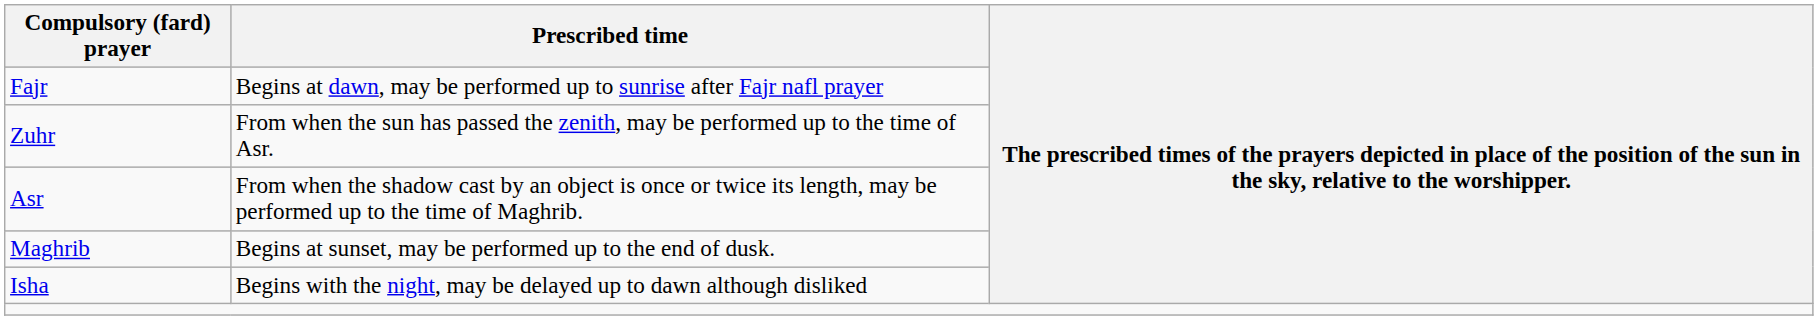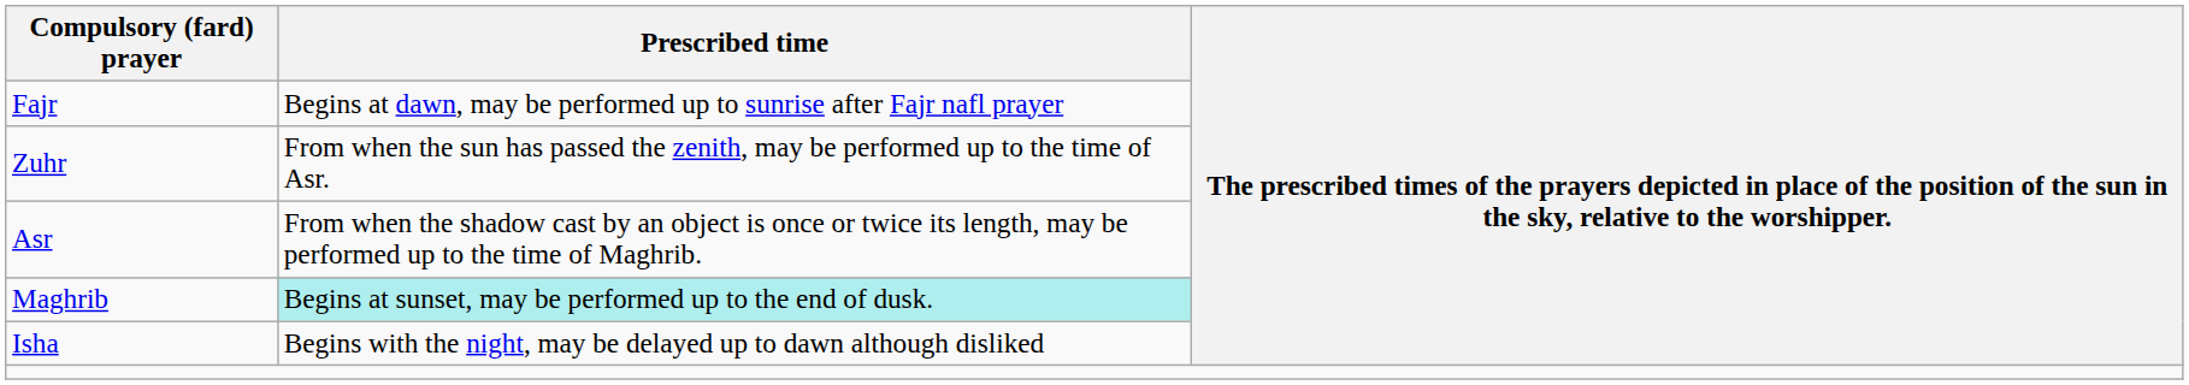 <table class="wikitable">
 <tr>
 <th>Compulsory (fard) prayer</th>
 <th>Prescribed time</th>
 <th rowspan="6"><br>     The prescribed times of the prayers depicted in place of the position of the sun in the sky, relative to the worshipper.</th>
 </tr>
 <tr>
 <td><a href='#'>Fajr</a></td>
 <td>Begins at <a href='#'>dawn</a>, may be performed up to <a href='#'>sunrise</a> after <a href='#'>Fajr nafl prayer</a></td>
 </tr>
 <tr>
 <td><a href='#'>Zuhr</a></td>
 <td>From when the sun has passed the <a href='#'>zenith</a>, may be performed up to the time of Asr.</td>
 </tr>
 <tr>
 <td><a href='#'>Asr</a></td>
 <td>From when the shadow cast by an object is once or twice its length, may be performed up to the time of Maghrib.</td>
 </tr>
 <tr>
 <td><a href='#'>Maghrib</a></td>
-<td>Begins at sunset, may be performed up to the end of dusk.</td>
+<td style="background: paleturquoise;">Begins at sunset, may be performed up to the end of dusk.</td>
 </tr>
 <tr>
 <td><a href='#'>Isha</a></td>
 <td>Begins with the <a href='#'>night</a>, may be delayed up to dawn although disliked</td>
 </tr>
 <tr>
 <td colspan=3></td>
 </tr>
 </table>
